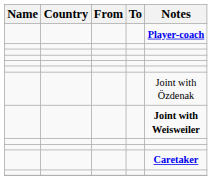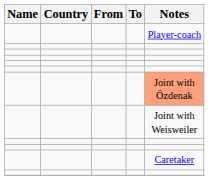 <table class="wikitable sortable" style="text-align: center;">
 <tr>
 <th>Name</th>
 <th>Country</th>
 <th>From</th>
 <th class="unsortable">To</th>
 <th class="unsortable">Notes</th>
 </tr>
 <tr>
 <td align=left></td>
 <td align=left></td>
 <td align=left></td>
 <td align=left></td>
-<td><strong><small><a href='#'>Player-coach</a></small></strong></td>
+<td><small><a href='#'>Player-coach</a></small></td>
 </tr>
 <tr>
 <td align=left></td>
 <td align=left></td>
 <td align=left></td>
 <td align=left></td>
 <td></td>
 </tr>
 <tr>
 <td align=left></td>
 <td align=left></td>
 <td align=left></td>
 <td align=left></td>
 <td></td>
 </tr>
 <tr>
 <td align=left></td>
 <td align=left></td>
 <td align=left></td>
 <td align=left></td>
 <td></td>
 </tr>
 <tr>
 <td align=left></td>
 <td align=left></td>
 <td align=left></td>
 <td align=left></td>
 <td></td>
 </tr>
 <tr>
 <td align=left></td>
 <td align=left></td>
 <td align=left></td>
 <td align=left></td>
 <td></td>
 </tr>
 <tr>
 <td align=left></td>
 <td align=left></td>
 <td align=left></td>
 <td align=left></td>
-<td><small>Joint with<br>Özdenak</small></td>
+<td style="background: lightsalmon;"><small>Joint with<br>Özdenak</small></td>
 </tr>
 <tr>
 <td align=left></td>
 <td align=left></td>
 <td align=left></td>
 <td align=left></td>
-<td><strong><small>Joint with<br>Weisweiler</small></strong></td>
+<td><small>Joint with<br>Weisweiler</small></td>
 </tr>
 <tr>
 <td align=left></td>
 <td align=left></td>
 <td align=left></td>
 <td align=left></td>
 <td></td>
 </tr>
 <tr>
 <td align=left></td>
 <td align=left></td>
 <td align=left></td>
 <td align=left></td>
 <td></td>
 </tr>
 <tr>
 <td align=left></td>
 <td align=left></td>
 <td align=left></td>
 <td align=left></td>
-<td><strong><small><a href='#'>Caretaker</a></small></strong></td>
+<td><small><a href='#'>Caretaker</a></small></td>
 </tr>
 <tr>
 <td align=left></td>
 <td align=left></td>
 <td align=left></td>
 <td align=left></td>
 <td></td>
 </tr>
 <tr>
 </tr>
 </table>
